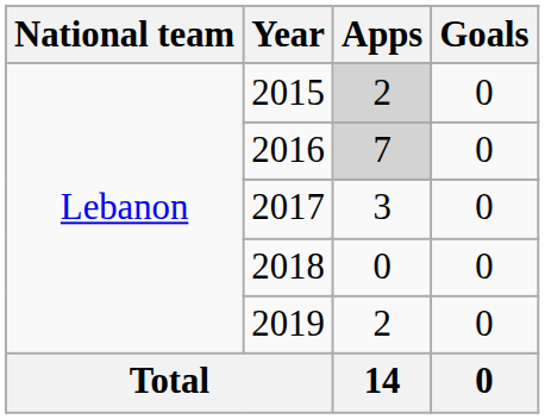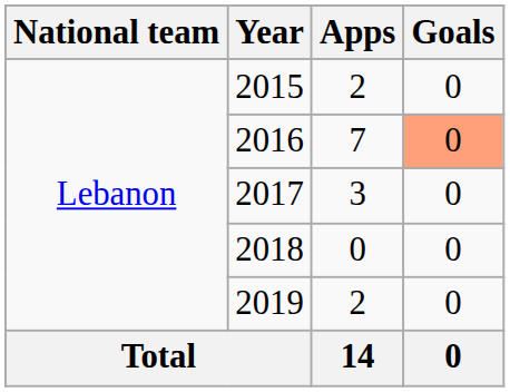 <table class="wikitable" style="text-align:center">
 <tr>
 <th>National team</th>
 <th>Year</th>
 <th>Apps</th>
 <th>Goals</th>
 </tr>
 <tr>
 <td rowspan="5"><a href='#'>Lebanon</a></td>
 <td>2015</td>
-<td style="background: lightgrey;">2</td>
+<td>2</td>
 <td>0</td>
 </tr>
 <tr>
 <td>2016</td>
-<td style="background: lightgrey;">7</td>
-<td>0</td>
+<td>7</td>
+<td style="background: lightsalmon;">0</td>
 </tr>
 <tr>
 <td>2017</td>
 <td>3</td>
 <td>0</td>
 </tr>
 <tr>
 <td>2018</td>
 <td>0</td>
 <td>0</td>
 </tr>
 <tr>
 <td>2019</td>
 <td>2</td>
 <td>0</td>
 </tr>
 <tr>
 <th colspan="2">Total</th>
 <th>14</th>
 <th>0</th>
 </tr>
 </table>
